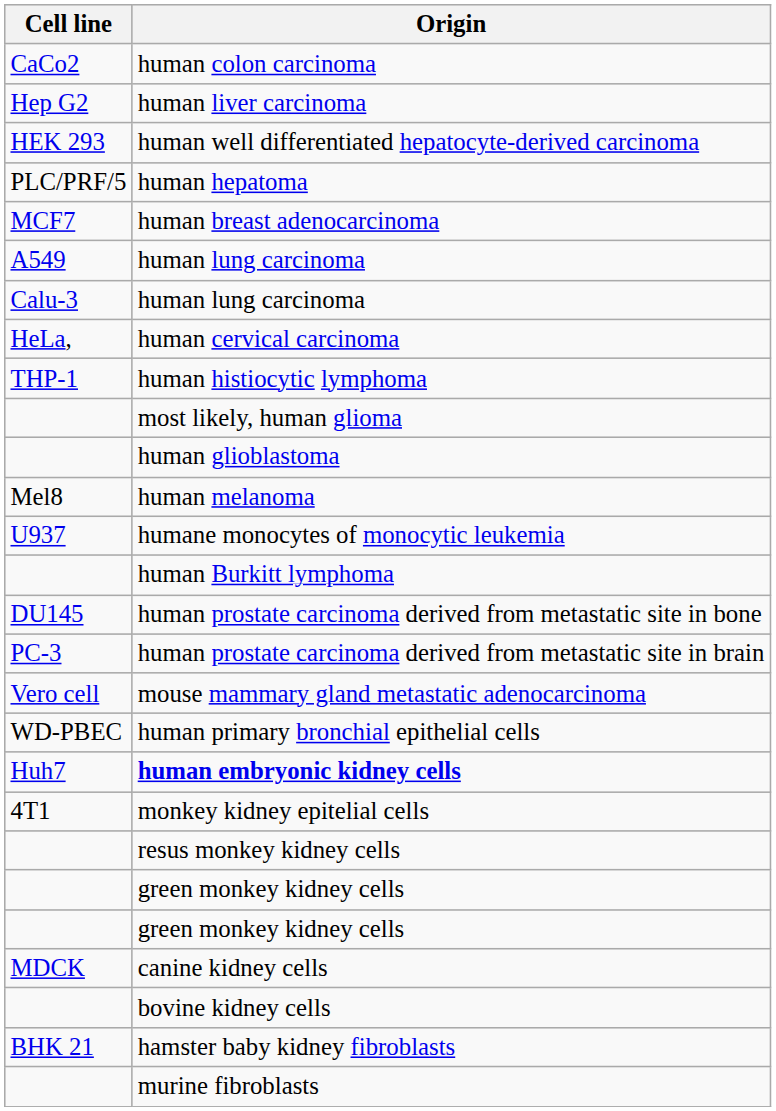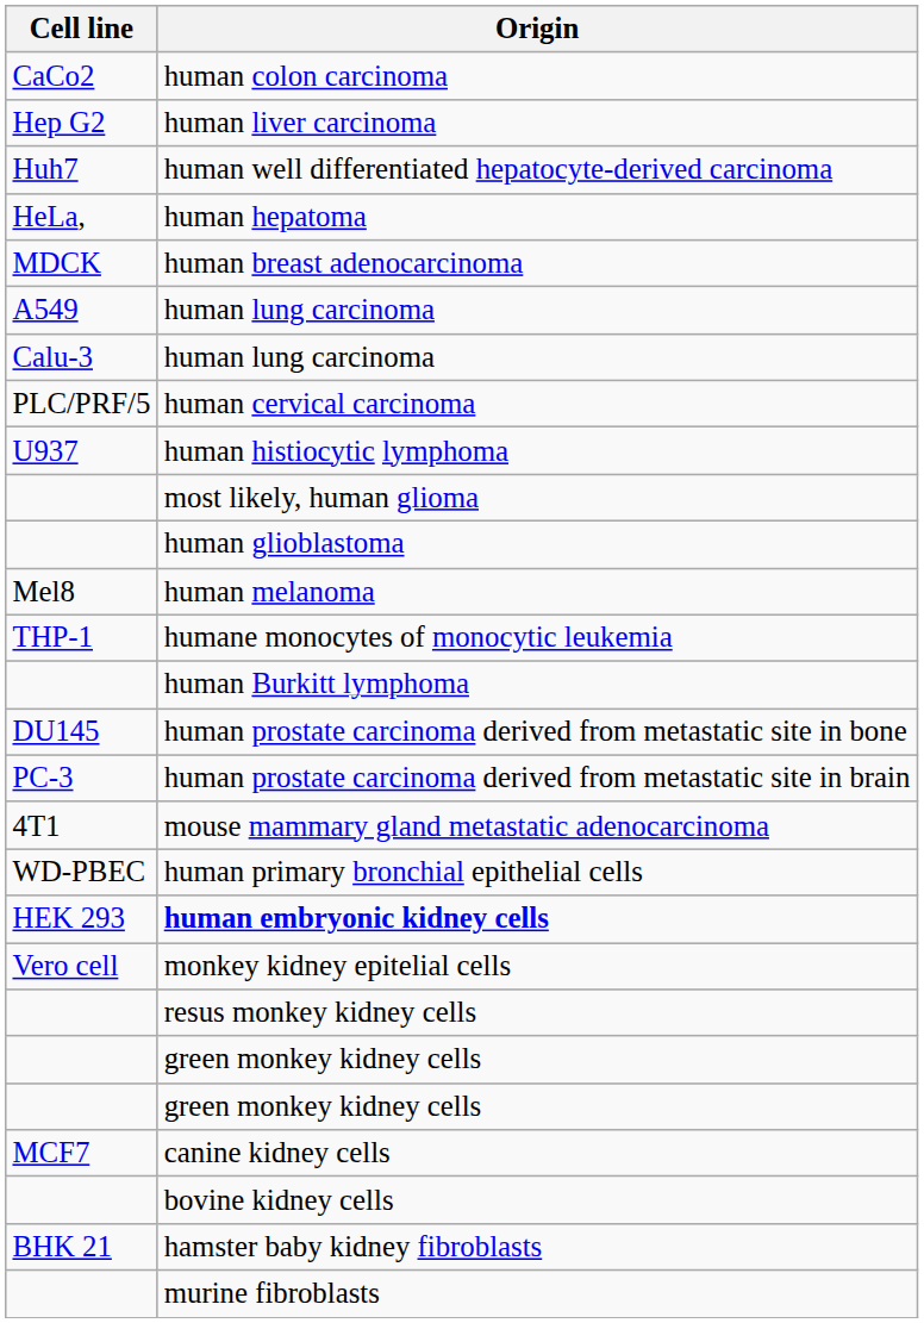 <table class="wikitable">
 <tr>
 <th>Cell line</th>
 <th>Origin</th>
 </tr>
 <tr>
 <td><a href='#'>CaCo2</a></td>
 <td>human <a href='#'>colon carcinoma</a></td>
 </tr>
 <tr>
 <td><a href='#'>Hep G2</a></td>
 <td>human <a href='#'>liver carcinoma</a></td>
 </tr>
 <tr>
-<td><a href='#'>HEK 293</a></td>
+<td><a href='#'>Huh7</a></td>
 <td>human well differentiated <a href='#'>hepatocyte-derived carcinoma</a></td>
 </tr>
 <tr>
-<td>PLC/PRF/5</td>
+<td><a href='#'>HeLa</a>,</td>
 <td>human <a href='#'>hepatoma</a></td>
 </tr>
 <tr>
-<td><a href='#'>MCF7</a></td>
+<td><a href='#'>MDCK</a></td>
 <td>human <a href='#'>breast adenocarcinoma</a></td>
 </tr>
 <tr>
 <td><a href='#'>A549</a></td>
 <td>human <a href='#'>lung carcinoma</a></td>
 </tr>
 <tr>
 <td><a href='#'>Calu-3</a></td>
 <td>human lung carcinoma</td>
 </tr>
 <tr>
-<td><a href='#'>HeLa</a>,</td>
+<td>PLC/PRF/5</td>
 <td>human <a href='#'>cervical carcinoma</a></td>
 </tr>
 <tr>
-<td><a href='#'>THP-1</a></td>
+<td><a href='#'>U937</a></td>
 <td>human <a href='#'>histiocytic</a> <a href='#'>lymphoma</a></td>
 </tr>
 <tr>
 <td></td>
 <td>most likely, human <a href='#'>glioma</a></td>
 </tr>
 <tr>
 <td></td>
 <td>human <a href='#'>glioblastoma</a></td>
 </tr>
 <tr>
 <td>Mel8</td>
 <td>human <a href='#'>melanoma</a></td>
 </tr>
 <tr>
-<td><a href='#'>U937</a></td>
+<td><a href='#'>THP-1</a></td>
 <td>humane monocytes of <a href='#'>monocytic leukemia</a></td>
 </tr>
 <tr>
 <td></td>
 <td>human <a href='#'>Burkitt lymphoma</a></td>
 </tr>
 <tr>
 <td><a href='#'>DU145</a></td>
 <td>human <a href='#'>prostate carcinoma</a> derived from metastatic site in bone</td>
 </tr>
 <tr>
 <td><a href='#'>PC-3</a></td>
 <td>human <a href='#'>prostate carcinoma</a> derived from metastatic site in brain</td>
 </tr>
 <tr>
-<td><a href='#'>Vero cell</a></td>
+<td>4T1</td>
 <td>mouse <a href='#'>mammary gland metastatic adenocarcinoma</a></td>
 </tr>
 <tr>
 <td>WD-PBEC</td>
 <td>human primary <a href='#'>bronchial</a> epithelial cells</td>
 </tr>
 <tr>
-<td><a href='#'>Huh7</a></td>
+<td><a href='#'>HEK 293</a></td>
 <td><strong><a href='#'>human embryonic kidney cells</a></strong></td>
 </tr>
 <tr>
-<td>4T1</td>
+<td><a href='#'>Vero cell</a></td>
 <td>monkey kidney epitelial cells</td>
 </tr>
 <tr>
 <td></td>
 <td>resus monkey kidney cells</td>
 </tr>
 <tr>
 <td></td>
 <td>green monkey kidney cells</td>
 </tr>
 <tr>
 <td></td>
 <td>green monkey kidney cells</td>
 </tr>
 <tr>
-<td><a href='#'>MDCK</a></td>
+<td><a href='#'>MCF7</a></td>
 <td>canine kidney cells</td>
 </tr>
 <tr>
 <td></td>
 <td>bovine kidney cells</td>
 </tr>
 <tr>
 <td><a href='#'>BHK 21</a></td>
 <td>hamster baby kidney <a href='#'>fibroblasts</a></td>
 </tr>
 <tr>
 <td></td>
 <td>murine fibroblasts</td>
 </tr>
 </table>
